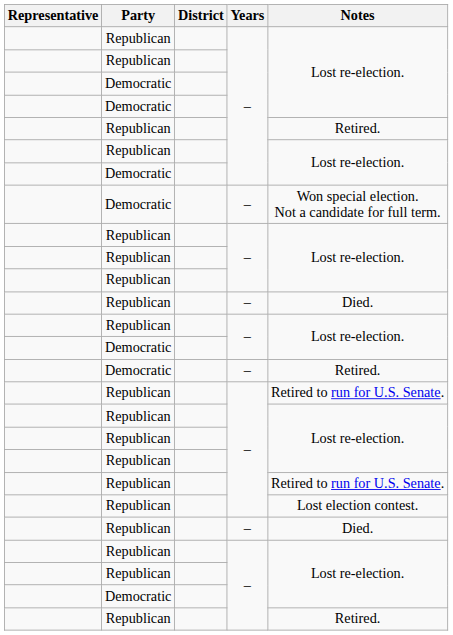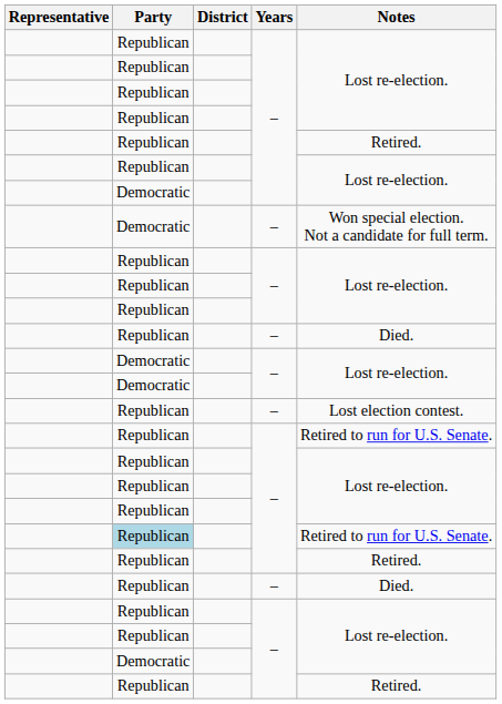 <table class="wikitable sortable" style="text-align:center">
 <tr valign=bottom>
 <th>Representative</th>
 <th>Party</th>
 <th>District</th>
 <th>Years</th>
 <th>Notes</th>
 </tr>
 <tr>
 <td align=left></td>
 <td>Republican</td>
 <td></td>
 <td rowspan="7" nowrap=""> –<br></td>
 <td rowspan="4">Lost re-election.</td>
 </tr>
 <tr>
 <td align=left></td>
 <td>Republican</td>
 <td></td>
 </tr>
 <tr>
 <td align=left></td>
-<td>Democratic</td>
+<td>Republican</td>
 <td></td>
 </tr>
 <tr>
 <td align=left></td>
-<td>Democratic</td>
+<td>Republican</td>
 <td></td>
 </tr>
 <tr>
 <td align=left></td>
 <td>Republican</td>
 <td></td>
 <td>Retired.</td>
 </tr>
 <tr>
 <td align=left></td>
 <td>Republican</td>
 <td></td>
 <td rowspan="2">Lost re-election.</td>
 </tr>
 <tr>
 <td align=left></td>
 <td>Democratic</td>
 <td></td>
 </tr>
 <tr>
 <td align=left></td>
 <td>Democratic</td>
 <td></td>
 <td nowrap> –<br></td>
 <td>Won special election.<br>Not a candidate for full term.</td>
 </tr>
 <tr>
 <td align=left></td>
 <td>Republican</td>
 <td></td>
 <td rowspan="3" nowrap=""> –<br></td>
 <td rowspan="3">Lost re-election.</td>
 </tr>
 <tr>
 <td align=left></td>
 <td>Republican</td>
 <td></td>
 </tr>
 <tr>
 <td align=left></td>
 <td>Republican</td>
 <td></td>
 </tr>
 <tr>
 <td align=left></td>
 <td>Republican</td>
 <td></td>
 <td nowrap> –<br></td>
 <td>Died.</td>
 </tr>
 <tr>
 <td align=left></td>
-<td>Republican</td>
+<td>Democratic</td>
 <td></td>
 <td rowspan="2" nowrap=""> –<br></td>
 <td rowspan="2">Lost re-election.</td>
 </tr>
 <tr>
 <td align=left></td>
 <td>Democratic</td>
 <td></td>
 </tr>
 <tr>
 <td align=left></td>
-<td>Democratic</td>
+<td>Republican</td>
 <td></td>
 <td nowrap> –<br></td>
-<td>Retired.</td>
+<td>Lost election contest.</td>
 </tr>
 <tr>
 <td align=left></td>
 <td>Republican</td>
 <td></td>
 <td rowspan="6" nowrap=""> –<br></td>
 <td>Retired to <a href='#'>run for U.S. Senate</a>.</td>
 </tr>
 <tr>
 <td align=left></td>
 <td>Republican</td>
 <td></td>
 <td rowspan="3">Lost re-election.</td>
 </tr>
 <tr>
 <td align=left></td>
 <td>Republican</td>
 <td></td>
 </tr>
 <tr>
 <td align=left></td>
 <td>Republican</td>
 <td></td>
 </tr>
 <tr>
 <td align=left></td>
-<td>Republican</td>
+<td style="background: lightblue;">Republican</td>
 <td></td>
 <td>Retired to <a href='#'>run for U.S. Senate</a>.</td>
 </tr>
 <tr>
 <td align=left></td>
 <td>Republican</td>
 <td></td>
-<td>Lost election contest.</td>
+<td>Retired.</td>
 </tr>
 <tr>
 <td align=left></td>
 <td>Republican</td>
 <td></td>
 <td nowrap> –<br></td>
 <td>Died.</td>
 </tr>
 <tr>
 <td align=left></td>
 <td>Republican</td>
 <td></td>
 <td rowspan="4" nowrap=""> –<br></td>
 <td rowspan="3">Lost re-election.</td>
 </tr>
 <tr>
 <td align=left></td>
 <td>Republican</td>
 <td></td>
 </tr>
 <tr>
 <td align=left></td>
 <td>Democratic</td>
 <td></td>
 </tr>
 <tr>
 <td align=left></td>
 <td>Republican</td>
 <td></td>
 <td>Retired.</td>
 </tr>
 </table>
